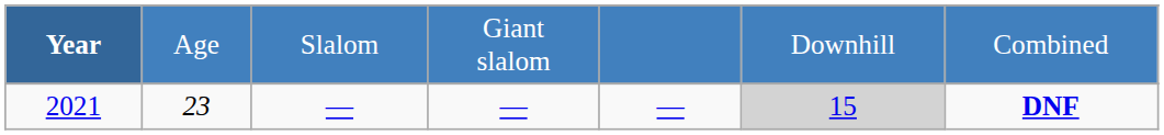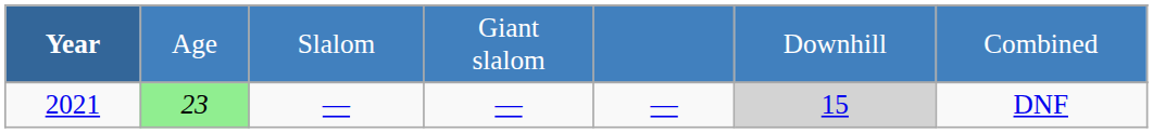 <table class="wikitable" style="font-size:95%; text-align:center; border:grey solid 1px; border-collapse:collapse;" width="40%">
 <tr style="background-color:#369; color:white;">
 <td rowspan="2" colspan="1" width="4%"><strong>Year</strong></td>
 </tr>
 <tr style="background-color:#4180be; color:white;">
 <td width="3%">Age</td>
 <td width="5%">Slalom</td>
 <td width="5%">Giant<br>slalom</td>
 <td width="5%"></td>
 <td width="5%">Downhill</td>
 <td width="5%">Combined</td>
 </tr>
 <tr style="background-color:#8CB2D8; color:white;">
 </tr>
 <tr>
 <td><a href='#'>2021</a></td>
-<td><em>23</em></td>
+<td style="background: lightgreen;"><em>23</em></td>
 <td><a href='#'>—</a></td>
 <td><a href='#'>—</a></td>
 <td><a href='#'>—</a></td>
 <td style="background: lightgrey;"><a href='#'>15</a></td>
-<td><strong><a href='#'>DNF</a></strong></td>
+<td><a href='#'>DNF</a></td>
 </tr>
 </table>
